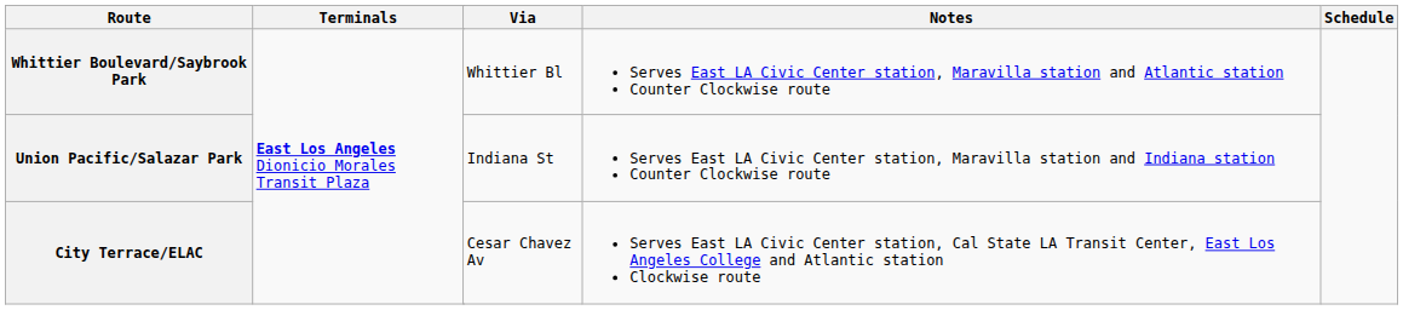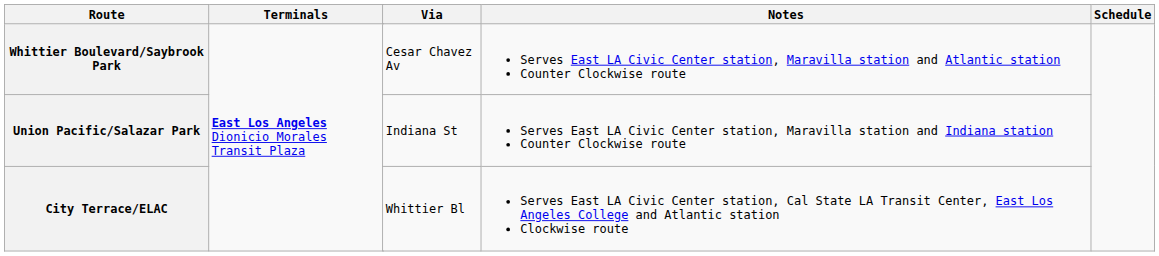 <table class="wikitable">
 <tr>
 <th>Route</th>
 <th colspan=2>Terminals</th>
 <th>Via</th>
 <th>Notes</th>
 <th>Schedule</th>
 </tr>
 <tr>
 <th>Whittier Boulevard/Saybrook Park</th>
 <td colspan="2" rowspan="3"><strong><a href='#'>East Los Angeles</a></strong><br><a href='#'>Dionicio Morales Transit Plaza</a></td>
-<td>Whittier Bl</td>
+<td>Cesar Chavez Av</td>
 <td><br><ul><li>Serves <a href='#'>East LA Civic Center station</a>, <a href='#'>Maravilla station</a> and <a href='#'>Atlantic station</a></li><li>Counter Clockwise route</li></ul></td>
 <td rowspan="3"></td>
 </tr>
 <tr>
 <th>Union Pacific/Salazar Park</th>
 <td>Indiana St</td>
 <td><br><ul><li>Serves East LA Civic Center station, Maravilla station and <a href='#'>Indiana station</a></li><li>Counter Clockwise route</li></ul></td>
 </tr>
 <tr>
 <th>City Terrace/ELAC</th>
-<td>Cesar Chavez Av</td>
+<td>Whittier Bl</td>
 <td><br><ul><li>Serves East LA Civic Center station, Cal State LA Transit Center, <a href='#'>East Los Angeles College</a> and Atlantic station</li><li>Clockwise route</li></ul></td>
 </tr>
 </table>
